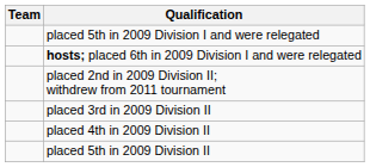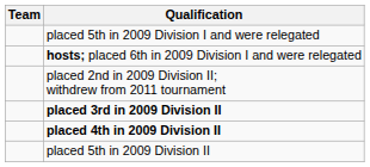 <table class="wikitable">
 <tr>
 <th>Team</th>
 <th>Qualification</th>
 </tr>
 <tr>
 <td></td>
 <td>placed 5th in 2009 Division I and were relegated</td>
 </tr>
 <tr>
 <td></td>
 <td><strong>hosts;</strong> placed 6th in 2009 Division I and were relegated</td>
 </tr>
 <tr>
 <td><s></s></td>
 <td>placed 2nd in 2009 Division II;<br>withdrew from 2011 tournament</td>
 </tr>
 <tr>
 <td></td>
-<td>placed 3rd in 2009 Division II</td>
+<td><strong>placed 3rd in 2009 Division II</strong></td>
 </tr>
 <tr>
 <td></td>
-<td>placed 4th in 2009 Division II</td>
+<td><strong>placed 4th in 2009 Division II</strong></td>
 </tr>
 <tr>
 <td></td>
 <td>placed 5th in 2009 Division II</td>
 </tr>
 </table>
